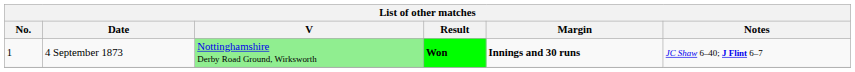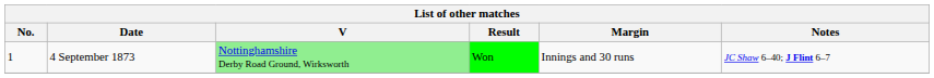 <table class="wikitable" width="100%">
 <tr>
 <th bgcolor="#efefef" colspan=6>List of other matches</th>
 </tr>
 <tr bgcolor="#efefef">
 <th>No.</th>
 <th>Date</th>
 <th>V</th>
 <th>Result</th>
 <th>Margin</th>
 <th>Notes</th>
 </tr>
 <tr>
 <td>1</td>
 <td>4 September 1873</td>
 <td style="background: lightgreen;"><a href='#'>Nottinghamshire</a>  <br><small> Derby Road Ground, Wirksworth </small></td>
-<td bgcolor="#00FF00"><strong>Won</strong></td>
-<td><strong>Innings and 30 runs</strong></td>
+<td bgcolor="#00FF00">Won</td>
+<td>Innings and 30 runs</td>
 <td><small> <em><a href='#'>JC Shaw</a></em> 6–40; <strong><a href='#'>J Flint</a></strong> 6–7 </small></td>
 </tr>
 <tr>
 </tr>
 </table>
